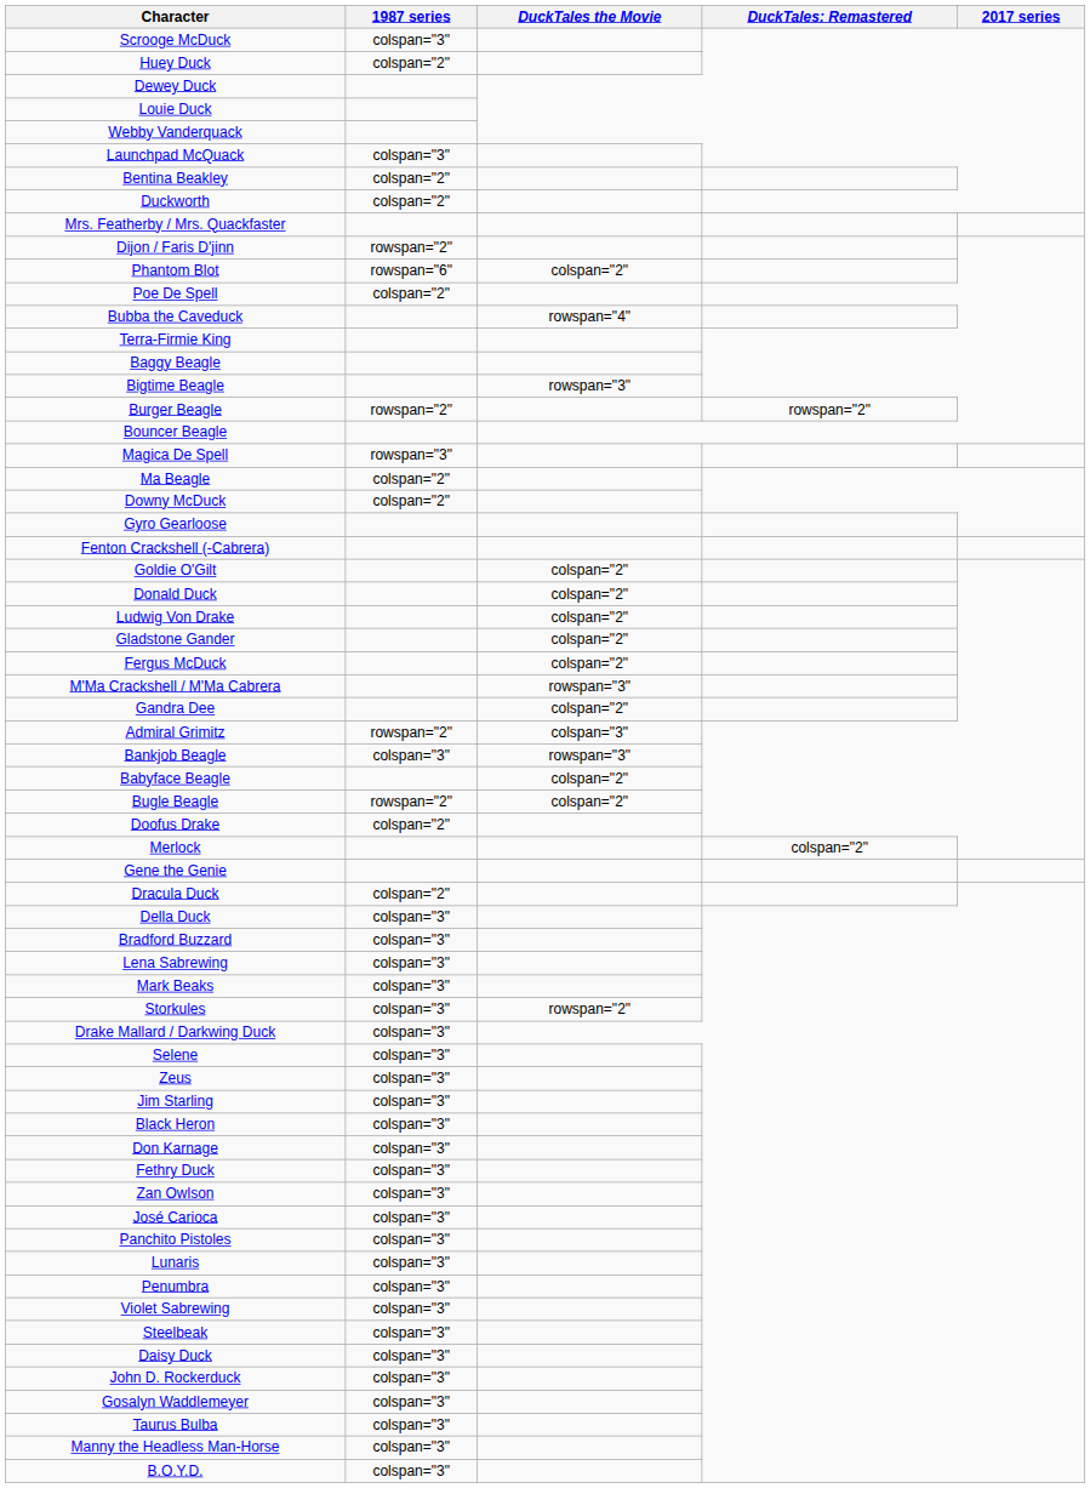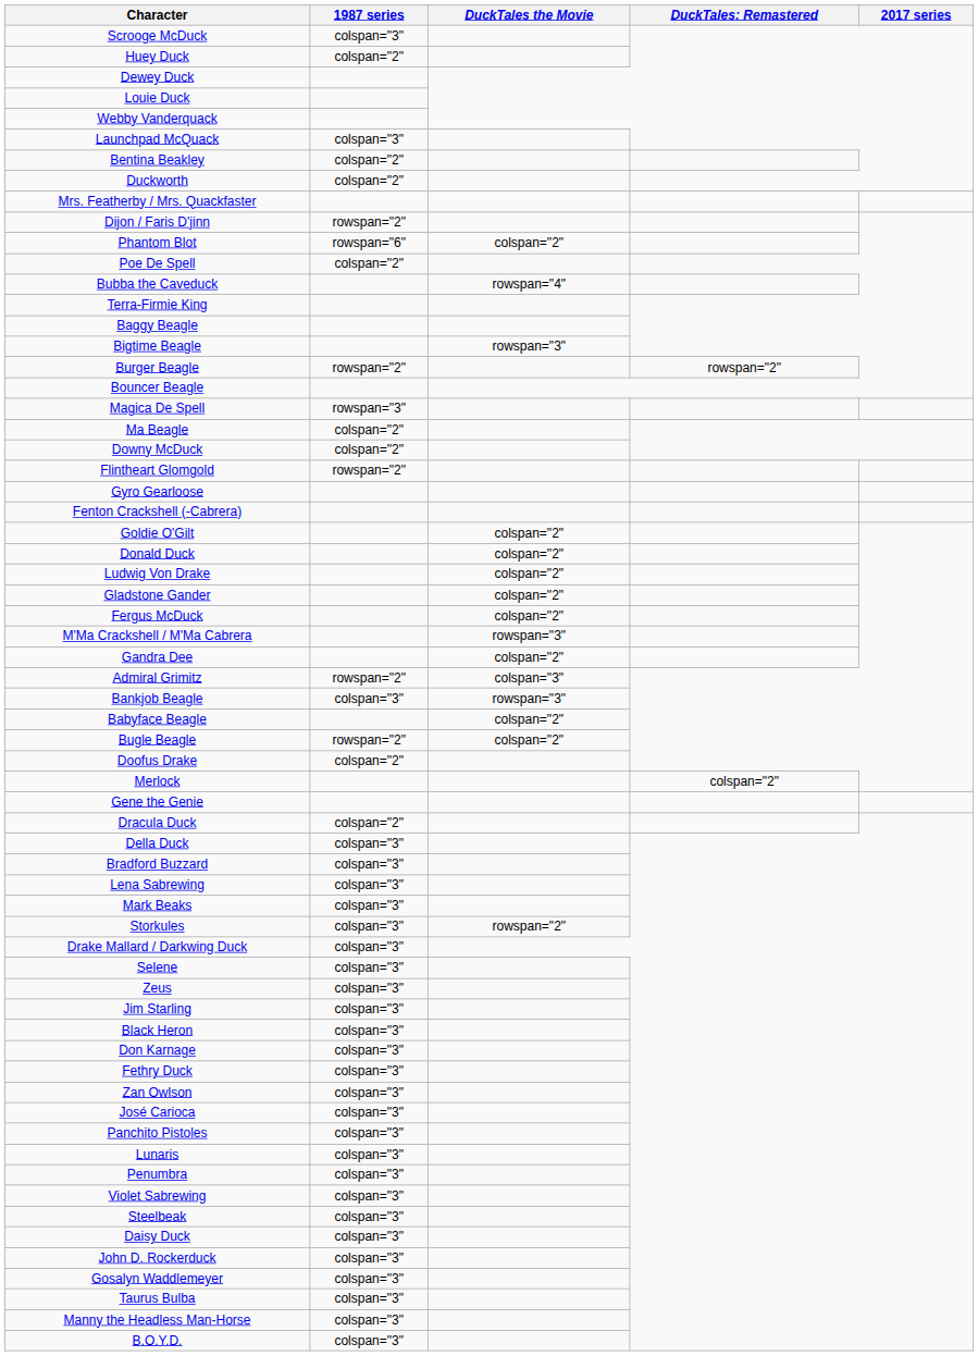 <table class="wikitable plainrowheaders mw-collapsible"  style="width:75%; text-align:center;">
 <tr>
 <th scope="col">Character</th>
 <th scope="col"><a href='#'>1987 series</a></th>
 <th scope="col"><em><a href='#'>DuckTales the Movie</a></em></th>
 <th scope="col"><em><a href='#'>DuckTales: Remastered</a></em></th>
 <th scope="col"><a href='#'>2017 series</a></th>
 </tr>
 <tr>
 <td><a href='#'>Scrooge McDuck</a></td>
 <td>colspan="3" </td>
 <td></td>
 </tr>
 <tr>
 <td><a href='#'>Huey Duck</a></td>
 <td>colspan="2" </td>
 <td></td>
 </tr>
 <tr>
 <td><a href='#'>Dewey Duck</a></td>
 <td></td>
 </tr>
 <tr>
 <td><a href='#'>Louie Duck</a></td>
 <td></td>
 </tr>
 <tr>
 <td><a href='#'>Webby Vanderquack</a></td>
 <td></td>
 </tr>
 <tr>
 <td><a href='#'>Launchpad McQuack</a></td>
 <td>colspan="3" </td>
 <td></td>
 </tr>
 <tr>
 <td><a href='#'>Bentina Beakley</a></td>
 <td>colspan="2" </td>
 <td></td>
 <td></td>
 </tr>
 <tr>
 <td><a href='#'>Duckworth</a></td>
 <td>colspan="2" </td>
 <td></td>
 </tr>
 <tr>
 <td><a href='#'>Mrs. Featherby / Mrs. Quackfaster</a></td>
 <td></td>
 <td></td>
 <td></td>
 <td></td>
 </tr>
 <tr>
 <td><a href='#'>Dijon / Faris D'jinn</a></td>
 <td>rowspan="2" </td>
 <td></td>
 <td></td>
 </tr>
 <tr>
 <td><a href='#'>Phantom Blot</a></td>
 <td>rowspan="6" </td>
 <td>colspan="2" </td>
 <td></td>
 </tr>
 <tr>
 <td><a href='#'>Poe De Spell</a></td>
 <td>colspan="2" </td>
 <td></td>
 </tr>
 <tr>
 <td><a href='#'>Bubba the Caveduck</a></td>
 <td></td>
 <td>rowspan="4" </td>
 <td></td>
 </tr>
 <tr>
 <td><a href='#'>Terra-Firmie King</a></td>
 <td></td>
 <td></td>
 </tr>
 <tr>
 <td><a href='#'>Baggy Beagle</a></td>
 <td></td>
 <td></td>
 </tr>
 <tr>
 <td><a href='#'>Bigtime Beagle</a></td>
 <td></td>
 <td>rowspan="3" </td>
 </tr>
 <tr>
 <td><a href='#'>Burger Beagle</a></td>
 <td>rowspan="2" </td>
 <td></td>
 <td>rowspan="2" </td>
 </tr>
 <tr>
 <td><a href='#'>Bouncer Beagle</a></td>
 <td></td>
 </tr>
 <tr>
 <td><a href='#'>Magica De Spell</a></td>
 <td>rowspan="3" </td>
 <td></td>
 <td></td>
 <td></td>
 </tr>
 <tr>
 <td><a href='#'>Ma Beagle</a></td>
 <td>colspan="2" </td>
 <td></td>
 </tr>
 <tr>
 <td><a href='#'>Downy McDuck</a></td>
 <td>colspan="2" </td>
+<td></td>
+</tr>
+<tr>
+<td><a href='#'>Flintheart Glomgold</a></td>
+<td>rowspan="2" </td>
+<td></td>
+<td></td>
 <td></td>
 </tr>
 <tr>
 <td><a href='#'>Gyro Gearloose</a></td>
 <td></td>
 <td></td>
 <td></td>
 </tr>
 <tr>
 <td><a href='#'>Fenton Crackshell (-Cabrera)</a></td>
 <td></td>
 <td></td>
 <td></td>
 <td></td>
 </tr>
 <tr>
 <td><a href='#'>Goldie O'Gilt</a></td>
 <td></td>
 <td>colspan="2" </td>
 <td></td>
 </tr>
 <tr>
 <td><a href='#'>Donald Duck</a></td>
 <td></td>
 <td>colspan="2" </td>
 <td></td>
 </tr>
 <tr>
 <td><a href='#'>Ludwig Von Drake</a></td>
 <td></td>
 <td>colspan="2" </td>
 <td></td>
 </tr>
 <tr>
 <td><a href='#'>Gladstone Gander</a></td>
 <td></td>
 <td>colspan="2" </td>
 <td></td>
 </tr>
 <tr>
 <td><a href='#'>Fergus McDuck</a></td>
 <td></td>
 <td>colspan="2" </td>
 <td></td>
 </tr>
 <tr>
 <td><a href='#'>M'Ma Crackshell / M'Ma Cabrera</a></td>
 <td></td>
 <td>rowspan="3" </td>
 <td></td>
 </tr>
 <tr>
 <td><a href='#'>Gandra Dee</a></td>
 <td></td>
 <td>colspan="2" </td>
 <td></td>
 </tr>
 <tr>
 <td><a href='#'>Admiral Grimitz</a></td>
 <td>rowspan="2" </td>
 <td>colspan="3" </td>
 </tr>
 <tr>
 <td><a href='#'>Bankjob Beagle</a></td>
 <td>colspan="3" </td>
 <td>rowspan="3" </td>
 </tr>
 <tr>
 <td><a href='#'>Babyface Beagle</a></td>
 <td></td>
 <td>colspan="2" </td>
 </tr>
 <tr>
 <td><a href='#'>Bugle Beagle</a></td>
 <td>rowspan="2" </td>
 <td>colspan="2" </td>
 </tr>
 <tr>
 <td><a href='#'>Doofus Drake</a></td>
 <td>colspan="2" </td>
 <td></td>
 </tr>
 <tr>
 <td><a href='#'>Merlock</a></td>
 <td></td>
 <td></td>
 <td>colspan="2" </td>
 </tr>
 <tr>
 <td><a href='#'>Gene the Genie</a></td>
 <td></td>
 <td></td>
 <td></td>
 <td></td>
 </tr>
 <tr>
 <td><a href='#'>Dracula Duck</a></td>
 <td>colspan="2" </td>
 <td></td>
 <td></td>
 </tr>
 <tr>
 <td><a href='#'>Della Duck</a></td>
 <td>colspan="3" </td>
 <td></td>
 </tr>
 <tr>
 <td><a href='#'>Bradford Buzzard</a></td>
 <td>colspan="3" </td>
 <td></td>
 </tr>
 <tr>
 <td><a href='#'>Lena Sabrewing</a></td>
 <td>colspan="3" </td>
 <td></td>
 </tr>
 <tr>
 <td><a href='#'>Mark Beaks</a></td>
 <td>colspan="3" </td>
 <td></td>
 </tr>
 <tr>
 <td><a href='#'>Storkules</a></td>
 <td>colspan="3" </td>
 <td>rowspan="2" </td>
 </tr>
 <tr>
 <td><a href='#'>Drake Mallard / Darkwing Duck</a></td>
 <td>colspan="3" </td>
 </tr>
 <tr>
 <td><a href='#'>Selene</a></td>
 <td>colspan="3" </td>
 <td></td>
 </tr>
 <tr>
 <td><a href='#'>Zeus</a></td>
 <td>colspan="3" </td>
 <td></td>
 </tr>
 <tr>
 <td><a href='#'>Jim Starling</a></td>
 <td>colspan="3" </td>
 <td></td>
 </tr>
 <tr>
 <td><a href='#'>Black Heron</a></td>
 <td>colspan="3" </td>
 <td></td>
 </tr>
 <tr>
 <td><a href='#'>Don Karnage</a></td>
 <td>colspan="3" </td>
 <td></td>
 </tr>
 <tr>
 <td><a href='#'>Fethry Duck</a></td>
 <td>colspan="3" </td>
 <td></td>
 </tr>
 <tr>
 <td><a href='#'>Zan Owlson</a></td>
 <td>colspan="3" </td>
 <td></td>
 </tr>
 <tr>
 <td><a href='#'>José Carioca</a></td>
 <td>colspan="3" </td>
 <td></td>
 </tr>
 <tr>
 <td><a href='#'>Panchito Pistoles</a></td>
 <td>colspan="3" </td>
 <td></td>
 </tr>
 <tr>
 <td><a href='#'>Lunaris</a></td>
 <td>colspan="3" </td>
 <td></td>
 </tr>
 <tr>
 <td><a href='#'>Penumbra</a></td>
 <td>colspan="3" </td>
 <td></td>
 </tr>
 <tr>
 <td><a href='#'>Violet Sabrewing</a></td>
 <td>colspan="3" </td>
 <td></td>
 </tr>
 <tr>
 <td><a href='#'>Steelbeak</a></td>
 <td>colspan="3" </td>
 <td></td>
 </tr>
 <tr>
 <td><a href='#'>Daisy Duck</a></td>
 <td>colspan="3" </td>
 <td></td>
 </tr>
 <tr>
 <td><a href='#'>John D. Rockerduck</a></td>
 <td>colspan="3" </td>
 <td></td>
 </tr>
 <tr>
 <td><a href='#'>Gosalyn Waddlemeyer</a></td>
 <td>colspan="3" </td>
 <td></td>
 </tr>
 <tr>
 <td><a href='#'>Taurus Bulba</a></td>
 <td>colspan="3" </td>
 <td></td>
 </tr>
 <tr>
 <td><a href='#'>Manny the Headless Man-Horse</a></td>
 <td>colspan="3" </td>
 <td></td>
 </tr>
 <tr>
 <td><a href='#'>B.O.Y.D.</a></td>
 <td>colspan="3" </td>
 <td></td>
 </tr>
 </table>
